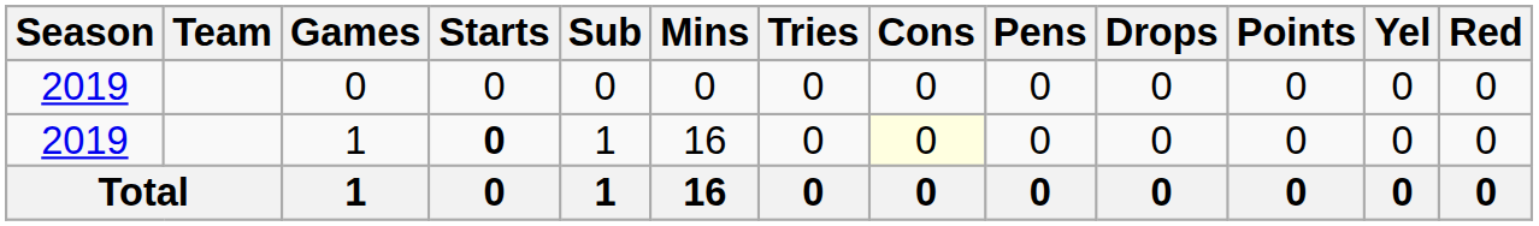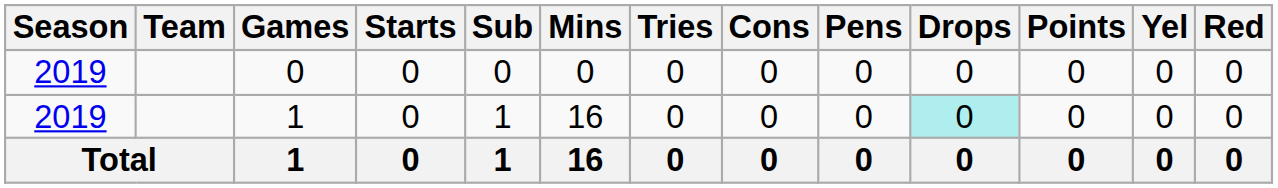 <table class="wikitable" style="text-align:center; line-height:90%; font-size:95%; width:60%;">
 <tr>
 <th>Season</th>
 <th>Team</th>
 <th>Games</th>
 <th>Starts</th>
 <th>Sub</th>
 <th>Mins</th>
 <th>Tries</th>
 <th>Cons</th>
 <th>Pens</th>
 <th>Drops</th>
 <th>Points</th>
 <th>Yel</th>
 <th>Red</th>
 </tr>
 <tr>
 <td><a href='#'>2019</a></td>
 <td></td>
 <td>0</td>
 <td>0</td>
 <td>0</td>
 <td>0</td>
 <td>0</td>
 <td>0</td>
 <td>0</td>
 <td>0</td>
 <td>0</td>
 <td>0</td>
 <td>0</td>
 </tr>
 <tr>
 <td><a href='#'>2019</a></td>
 <td></td>
 <td>1</td>
-<td><strong>0</strong></td>
+<td>0</td>
 <td>1</td>
 <td>16</td>
 <td>0</td>
-<td style="background: lightyellow;">0</td>
 <td>0</td>
 <td>0</td>
+<td style="background: paleturquoise;">0</td>
 <td>0</td>
 <td>0</td>
 <td>0</td>
 </tr>
 <tr>
 <th colspan="2">Total</th>
 <th>1</th>
 <th>0</th>
 <th>1</th>
 <th>16</th>
 <th>0</th>
 <th>0</th>
 <th>0</th>
 <th>0</th>
 <th>0</th>
 <th>0</th>
 <th>0</th>
 </tr>
 </table>
